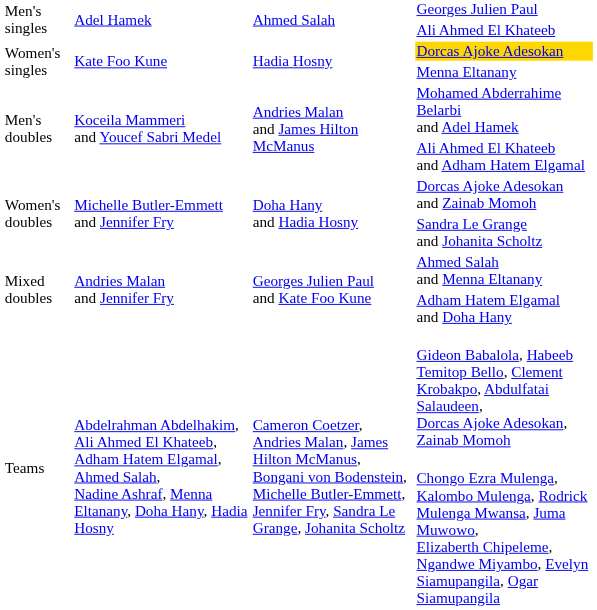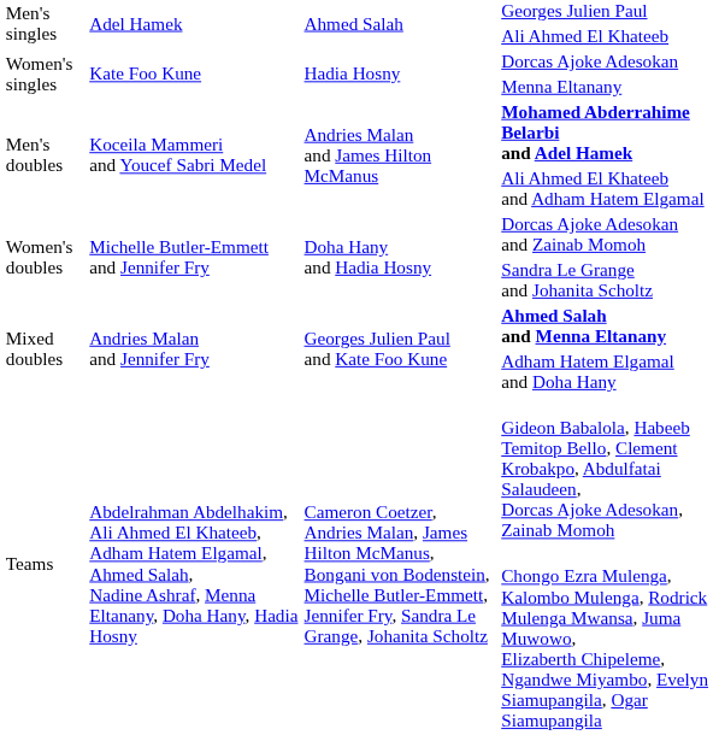 <table>
 <tr>
 <td rowspan=2>Men's singles</td>
 <td rowspan=2> <a href='#'>Adel Hamek</a></td>
 <td rowspan=2> <a href='#'>Ahmed Salah</a></td>
 <td> <a href='#'>Georges Julien Paul</a></td>
 </tr>
 <tr>
 <td> <a href='#'>Ali Ahmed El Khateeb</a></td>
 </tr>
 <tr>
 <td rowspan=2>Women's singles</td>
 <td rowspan=2> <a href='#'>Kate Foo Kune</a></td>
 <td rowspan=2> <a href='#'>Hadia Hosny</a></td>
-<td style="background: gold;"> <a href='#'>Dorcas Ajoke Adesokan</a></td>
+<td> <a href='#'>Dorcas Ajoke Adesokan</a></td>
 </tr>
 <tr>
 <td> <a href='#'>Menna Eltanany</a></td>
 </tr>
 <tr>
 <td rowspan=2>Men's doubles</td>
 <td rowspan=2> <a href='#'>Koceila Mammeri</a><br>and <a href='#'>Youcef Sabri Medel</a></td>
 <td rowspan=2> <a href='#'>Andries Malan</a><br>and <a href='#'>James Hilton McManus</a></td>
-<td> <a href='#'>Mohamed Abderrahime Belarbi</a><br>and <a href='#'>Adel Hamek</a></td>
+<td><strong> <a href='#'>Mohamed Abderrahime Belarbi</a><br>and <a href='#'>Adel Hamek</a></strong></td>
 </tr>
 <tr>
 <td> <a href='#'>Ali Ahmed El Khateeb</a><br>and <a href='#'>Adham Hatem Elgamal</a></td>
 </tr>
 <tr>
 <td rowspan=2>Women's doubles</td>
 <td rowspan=2> <a href='#'>Michelle Butler-Emmett</a><br>and <a href='#'>Jennifer Fry</a></td>
 <td rowspan=2> <a href='#'>Doha Hany</a><br>and <a href='#'>Hadia Hosny</a></td>
 <td> <a href='#'>Dorcas Ajoke Adesokan</a><br>and <a href='#'>Zainab Momoh</a></td>
 </tr>
 <tr>
 <td> <a href='#'>Sandra Le Grange</a><br>and <a href='#'>Johanita Scholtz</a></td>
 </tr>
 <tr>
 <td rowspan=2>Mixed doubles</td>
 <td rowspan=2> <a href='#'>Andries Malan</a><br>and <a href='#'>Jennifer Fry</a></td>
 <td rowspan=2> <a href='#'>Georges Julien Paul</a><br>and <a href='#'>Kate Foo Kune</a></td>
-<td> <a href='#'>Ahmed Salah</a><br>and <a href='#'>Menna Eltanany</a></td>
+<td><strong> <a href='#'>Ahmed Salah</a><br>and <a href='#'>Menna Eltanany</a></strong></td>
 </tr>
 <tr>
 <td> <a href='#'>Adham Hatem Elgamal</a><br>and <a href='#'>Doha Hany</a></td>
 </tr>
 <tr>
 <td rowspan=2>Teams</td>
 <td rowspan=2><br><a href='#'>Abdelrahman Abdelhakim</a>, <a href='#'>Ali Ahmed El Khateeb</a>, <a href='#'>Adham Hatem Elgamal</a>, <a href='#'>Ahmed Salah</a>,<br><a href='#'>Nadine Ashraf</a>, <a href='#'>Menna Eltanany</a>, <a href='#'>Doha Hany</a>, <a href='#'>Hadia Hosny</a></td>
 <td rowspan=2><br><a href='#'>Cameron Coetzer</a>, <a href='#'>Andries Malan</a>, <a href='#'>James Hilton McManus</a>, <a href='#'>Bongani von Bodenstein</a>,<br><a href='#'>Michelle Butler-Emmett</a>, <a href='#'>Jennifer Fry</a>, <a href='#'>Sandra Le Grange</a>, <a href='#'>Johanita Scholtz</a></td>
 <td><br><a href='#'>Gideon Babalola</a>, <a href='#'>Habeeb Temitop Bello</a>, <a href='#'>Clement Krobakpo</a>, <a href='#'>Abdulfatai Salaudeen</a>,<br><a href='#'>Dorcas Ajoke Adesokan</a>, <a href='#'>Zainab Momoh</a></td>
 </tr>
 <tr>
 <td><br><a href='#'>Chongo Ezra Mulenga</a>, <a href='#'>Kalombo Mulenga</a>, <a href='#'>Rodrick Mulenga Mwansa</a>, <a href='#'>Juma Muwowo</a>,<br><a href='#'>Elizaberth Chipeleme</a>, <a href='#'>Ngandwe Miyambo</a>, <a href='#'>Evelyn Siamupangila</a>, <a href='#'>Ogar Siamupangila</a></td>
 </tr>
 </table>
